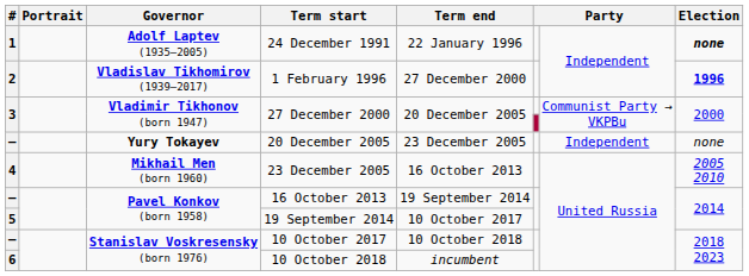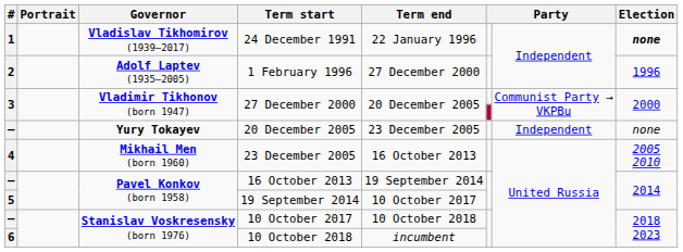 <table class="wikitable" style="text-align:center">
 <tr style="background:#cccccc" bgcolor=#E6E6AA>
 <th>#</th>
 <th>Portrait</th>
 <th>Governor</th>
 <th>Term start</th>
 <th>Term end</th>
 <th colspan="2">Party</th>
 <th>Election</th>
 </tr>
 <tr>
 <th>1</th>
 <td></td>
-<td><strong><a href='#'>Adolf Laptev</a></strong><br><small>(1935–2005)</small></td>
+<td><strong><a href='#'>Vladislav Tikhomirov</a></strong><br><small>(1939–2017)</small></td>
 <td>24 December 1991</td>
 <td>22 January 1996</td>
 <td style="background: "></td>
 <td rowspan="2"><a href='#'>Independent</a></td>
 <td><strong><em>none</em></strong></td>
 </tr>
 <tr>
 <th>2</th>
 <td></td>
-<td><strong><a href='#'>Vladislav Tikhomirov</a></strong><br><small>(1939–2017)</small></td>
+<td><strong><a href='#'>Adolf Laptev</a></strong><br><small>(1935–2005)</small></td>
 <td>1 February 1996</td>
 <td>27 December 2000</td>
 <td style="background: "></td>
-<td><strong><a href='#'>1996</a></strong></td>
+<td><a href='#'>1996</a></td>
 </tr>
 <tr>
 <th rowspan=2>3</th>
 <td rowspan=2></td>
 <td rowspan=2><strong><a href='#'>Vladimir Tikhonov</a></strong><br><small>(born 1947)</small></td>
 <td rowspan=2>27 December 2000</td>
 <td rowspan=2>20 December 2005</td>
 <td style="background: "></td>
 <td rowspan=2><a href='#'>Communist Party</a> →<br><a href='#'>VKPBu</a></td>
 <td rowspan=2><a href='#'>2000</a></td>
 </tr>
 <tr>
 <td style="background:#AC003A"></td>
 </tr>
 <tr>
 <th>—</th>
 <td></td>
 <td><strong>Yury Tokayev</strong></td>
 <td>20 December 2005</td>
 <td>23 December 2005</td>
 <td style="background: "></td>
 <td><a href='#'>Independent</a></td>
 <td><em>none</em></td>
 </tr>
 <tr>
 <th>4</th>
 <td></td>
 <td><strong><a href='#'>Mikhail Men</a></strong><br><small>(born 1960)</small></td>
 <td>23 December 2005</td>
 <td>16 October 2013</td>
 <td style="background: "></td>
 <td rowspan="5"><a href='#'>United Russia</a></td>
 <td><em><a href='#'>2005</a></em><br><em><a href='#'>2010</a></em></td>
 </tr>
 <tr>
 <th>—</th>
 <td rowspan=2></td>
 <td rowspan=2><strong><a href='#'>Pavel Konkov</a></strong><br><small>(born 1958)</small></td>
 <td>16 October 2013</td>
 <td>19 September 2014</td>
 <td rowspan=2; style="background: "></td>
 <td rowspan=2><a href='#'>2014</a></td>
 </tr>
 <tr>
 <th>5</th>
 <td>19 September 2014</td>
 <td>10 October 2017</td>
 </tr>
 <tr>
 <th>—</th>
 <td rowspan=2></td>
 <td rowspan=2><strong><a href='#'>Stanislav Voskresensky</a></strong><br><small>(born 1976)</small></td>
 <td>10 October 2017</td>
 <td>10 October 2018</td>
 <td rowspan=2; style="background: "></td>
 <td rowspan=2><a href='#'>2018</a><br><a href='#'>2023</a></td>
 </tr>
 <tr>
 <th>6</th>
 <td>10 October 2018</td>
 <td><em>incumbent</em></td>
 </tr>
 </table>
